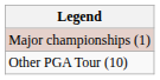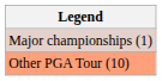 <table class="wikitable" style="font-size:95%;">
 <tr>
 <th>Legend</th>
 </tr>
 <tr style="background:#e5d1cb;">
 <td>Major championships (1)</td>
 </tr>
 <tr>
-<td>Other PGA Tour (10)</td>
+<td style="background: lightsalmon;">Other PGA Tour (10)</td>
 </tr>
 </table>
